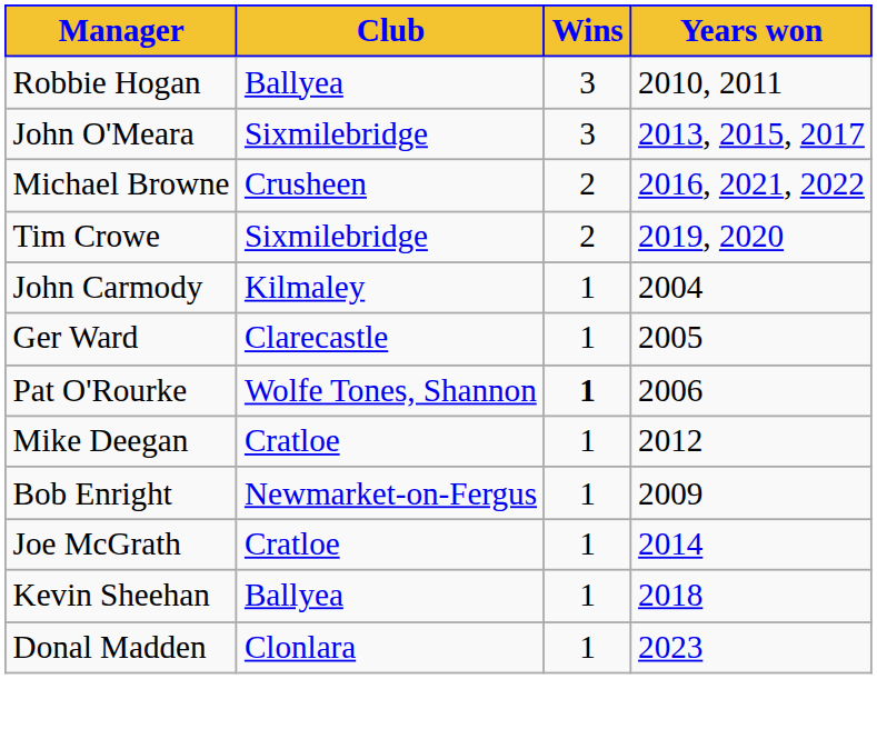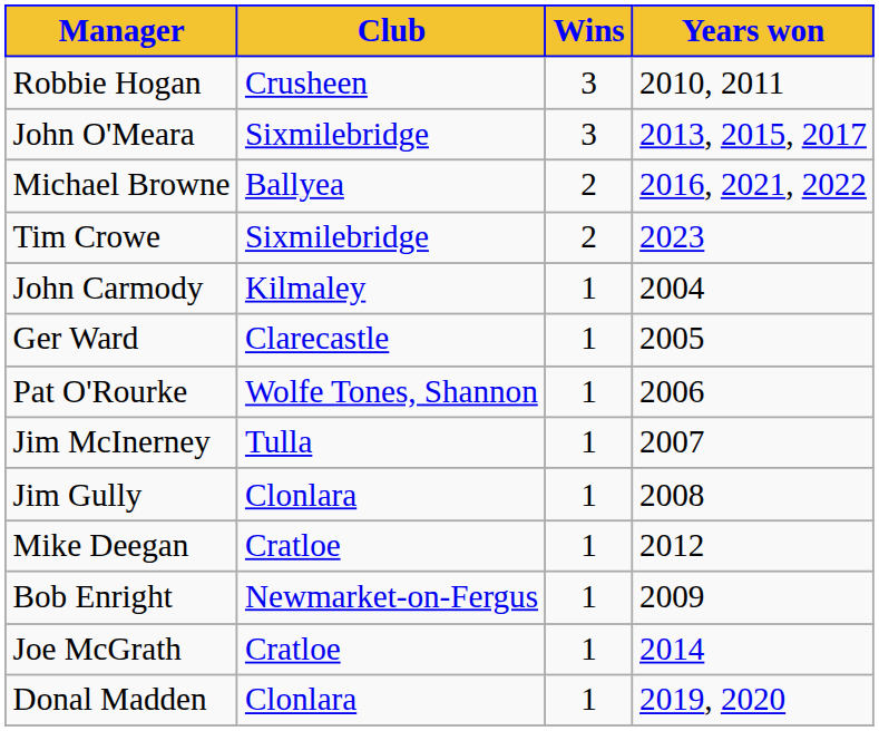 <table class="wikitable">
 <tr>
 <th style="background:#F4C430;color:blue;border:1px solid blue">Manager</th>
 <th style="background:#F4C430;color:blue;border:1px solid blue">Club</th>
 <th style="background:#F4C430;color:blue;border:1px solid blue">Wins</th>
 <th style="background:#F4C430;color:blue;border:1px solid blue">Years won</th>
 </tr>
 <tr>
 <td>Robbie Hogan</td>
-<td> <a href='#'>Ballyea</a></td>
+<td> <a href='#'>Crusheen</a></td>
 <td style="text-align:center;">3</td>
 <td>2010, 2011</td>
 </tr>
 <tr>
 <td>John O'Meara</td>
 <td> <a href='#'>Sixmilebridge</a></td>
 <td style="text-align:center;">3</td>
 <td><a href='#'>2013</a>, <a href='#'>2015</a>, <a href='#'>2017</a></td>
 </tr>
 <tr>
 <td>Michael Browne</td>
-<td> <a href='#'>Crusheen</a></td>
+<td> <a href='#'>Ballyea</a></td>
 <td style="text-align:center;">2</td>
 <td><a href='#'>2016</a>, <a href='#'>2021</a>, <a href='#'>2022</a></td>
 </tr>
 <tr>
 <td>Tim Crowe</td>
 <td> <a href='#'>Sixmilebridge</a></td>
 <td style="text-align:center;">2</td>
-<td><a href='#'>2019</a>, <a href='#'>2020</a></td>
+<td><a href='#'>2023</a></td>
 </tr>
 <tr>
 <td>John Carmody</td>
 <td> <a href='#'>Kilmaley</a></td>
 <td style="text-align:center;">1</td>
 <td>2004</td>
 </tr>
 <tr>
 <td>Ger Ward</td>
 <td> <a href='#'>Clarecastle</a></td>
 <td style="text-align:center;">1</td>
 <td>2005</td>
 </tr>
 <tr>
 <td>Pat O'Rourke</td>
 <td> <a href='#'>Wolfe Tones, Shannon</a></td>
-<td style="text-align:center;"><strong>1</strong></td>
+<td style="text-align:center;">1</td>
 <td>2006</td>
+</tr>
+<tr>
+<td>Jim McInerney</td>
+<td> <a href='#'>Tulla</a></td>
+<td style="text-align:center;">1</td>
+<td>2007</td>
+</tr>
+<tr>
+<td>Jim Gully</td>
+<td> <a href='#'>Clonlara</a></td>
+<td style="text-align:center;">1</td>
+<td>2008</td>
 </tr>
 <tr>
 <td>Mike Deegan</td>
 <td> <a href='#'>Cratloe</a></td>
 <td style="text-align:center;">1</td>
 <td>2012</td>
 </tr>
 <tr>
 <td>Bob Enright</td>
 <td> <a href='#'>Newmarket-on-Fergus</a></td>
 <td style="text-align:center;">1</td>
 <td>2009</td>
 </tr>
 <tr>
 <td>Joe McGrath</td>
 <td> <a href='#'>Cratloe</a></td>
 <td style="text-align:center;">1</td>
 <td><a href='#'>2014</a></td>
 </tr>
 <tr>
-<td>Kevin Sheehan</td>
-<td> <a href='#'>Ballyea</a></td>
-<td style="text-align:center;">1</td>
-<td><a href='#'>2018</a></td>
-</tr>
-<tr>
 <td>Donal Madden</td>
 <td> <a href='#'>Clonlara</a></td>
 <td style="text-align:center;">1</td>
-<td><a href='#'>2023</a></td>
+<td><a href='#'>2019</a>, <a href='#'>2020</a></td>
 </tr>
 </table>
